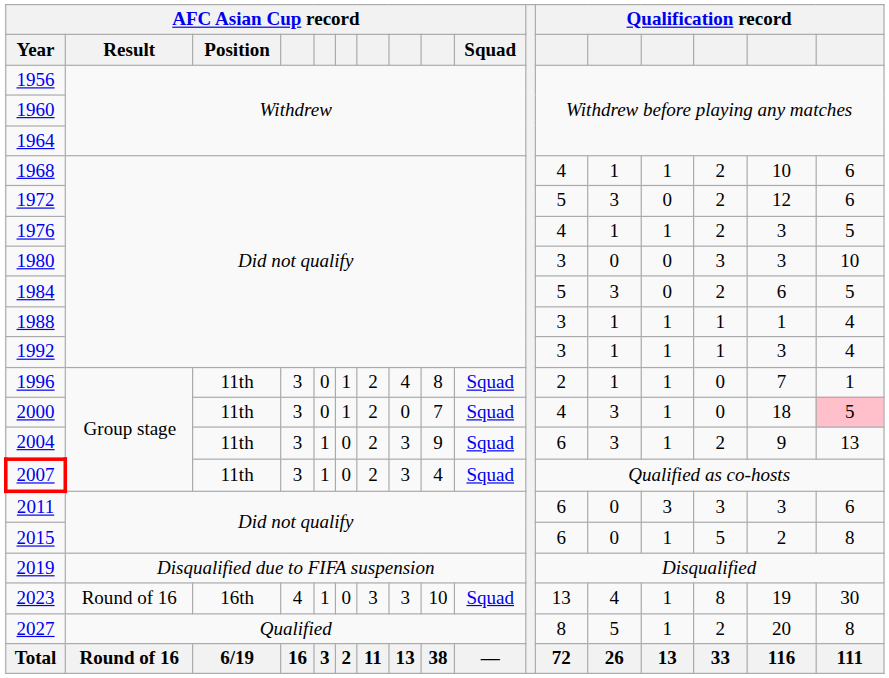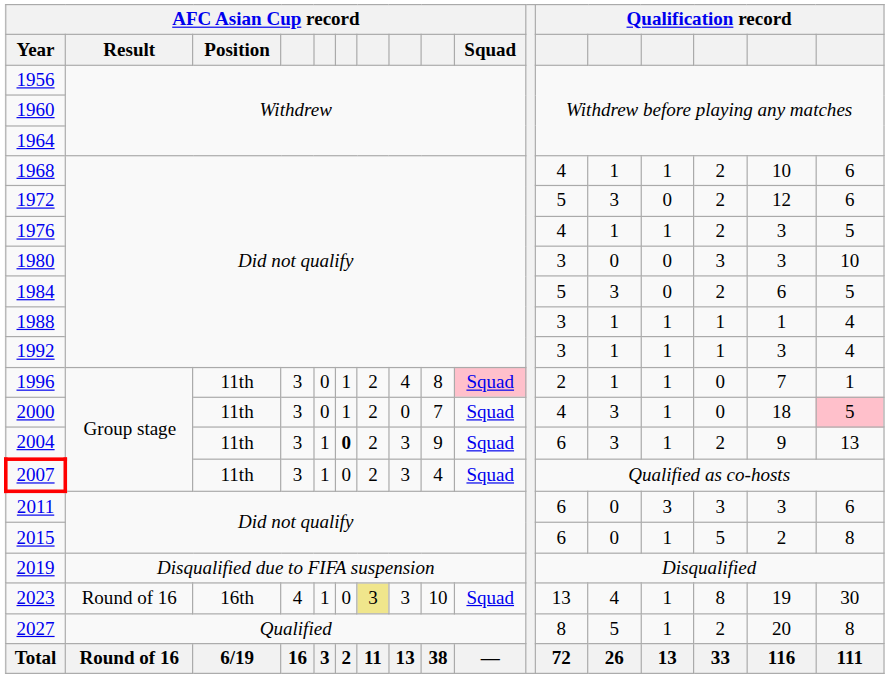 <table class="wikitable" style="text-align: center;">
 <tr>
 <th colspan=10><a href='#'>AFC Asian Cup</a> record</th>
 <th style="width:1%;" rowspan=22></th>
 <th colspan=7><a href='#'>Qualification</a> record</th>
 </tr>
 <tr>
 <th>Year</th>
 <th>Result</th>
 <th>Position</th>
 <th></th>
 <th></th>
 <th></th>
 <th></th>
 <th></th>
 <th></th>
 <th>Squad</th>
 <th></th>
 <th></th>
 <th></th>
 <th></th>
 <th></th>
 <th></th>
 </tr>
 <tr>
 <td> <a href='#'>1956</a></td>
 <td colspan=9 rowspan=3><em>Withdrew</em></td>
 <td colspan=7 rowspan=3><em>Withdrew before playing any matches</em></td>
 </tr>
 <tr>
 <td> <a href='#'>1960</a></td>
 </tr>
 <tr>
 <td> <a href='#'>1964</a></td>
 </tr>
 <tr>
 <td> <a href='#'>1968</a></td>
 <td colspan=9 rowspan=7><em>Did not qualify</em></td>
 <td>4</td>
 <td>1</td>
 <td>1</td>
 <td>2</td>
 <td>10</td>
 <td>6</td>
 </tr>
 <tr>
 <td> <a href='#'>1972</a></td>
 <td>5</td>
 <td>3</td>
 <td>0</td>
 <td>2</td>
 <td>12</td>
 <td>6</td>
 </tr>
 <tr>
 <td> <a href='#'>1976</a></td>
 <td>4</td>
 <td>1</td>
 <td>1</td>
 <td>2</td>
 <td>3</td>
 <td>5</td>
 </tr>
 <tr>
 <td> <a href='#'>1980</a></td>
 <td>3</td>
 <td>0</td>
 <td>0</td>
 <td>3</td>
 <td>3</td>
 <td>10</td>
 </tr>
 <tr>
 <td> <a href='#'>1984</a></td>
 <td>5</td>
 <td>3</td>
 <td>0</td>
 <td>2</td>
 <td>6</td>
 <td>5</td>
 </tr>
 <tr>
 <td> <a href='#'>1988</a></td>
 <td>3</td>
 <td>1</td>
 <td>1</td>
 <td>1</td>
 <td>1</td>
 <td>4</td>
 </tr>
 <tr>
 <td> <a href='#'>1992</a></td>
 <td>3</td>
 <td>1</td>
 <td>1</td>
 <td>1</td>
 <td>3</td>
 <td>4</td>
 </tr>
 <tr>
 <td> <a href='#'>1996</a></td>
 <td rowspan=4>Group stage</td>
 <td>11th</td>
 <td>3</td>
 <td>0</td>
 <td>1</td>
 <td>2</td>
 <td>4</td>
 <td>8</td>
-<td><a href='#'>Squad</a></td>
+<td style="background: pink;"><a href='#'>Squad</a></td>
 <td>2</td>
 <td>1</td>
 <td>1</td>
 <td>0</td>
 <td>7</td>
 <td>1</td>
 </tr>
 <tr>
 <td> <a href='#'>2000</a></td>
 <td>11th</td>
 <td>3</td>
 <td>0</td>
 <td>1</td>
 <td>2</td>
 <td>0</td>
 <td>7</td>
 <td><a href='#'>Squad</a></td>
 <td>4</td>
 <td>3</td>
 <td>1</td>
 <td>0</td>
 <td>18</td>
 <td style="background: pink;">5</td>
 </tr>
 <tr>
 <td> <a href='#'>2004</a></td>
 <td>11th</td>
 <td>3</td>
 <td>1</td>
-<td>0</td>
+<td><strong>0</strong></td>
 <td>2</td>
 <td>3</td>
 <td>9</td>
 <td><a href='#'>Squad</a></td>
 <td>6</td>
 <td>3</td>
 <td>1</td>
 <td>2</td>
 <td>9</td>
 <td>13</td>
 </tr>
 <tr>
 <td style="border: 3px solid red">    <a href='#'>2007</a></td>
 <td>11th</td>
 <td>3</td>
 <td>1</td>
 <td>0</td>
 <td>2</td>
 <td>3</td>
 <td>4</td>
 <td><a href='#'>Squad</a></td>
 <td colspan=7><em>Qualified as co-hosts</em></td>
 </tr>
 <tr>
 <td> <a href='#'>2011</a></td>
 <td colspan=9 rowspan=2><em>Did not qualify</em></td>
 <td>6</td>
 <td>0</td>
 <td>3</td>
 <td>3</td>
 <td>3</td>
 <td>6</td>
 </tr>
 <tr>
 <td> <a href='#'>2015</a></td>
 <td>6</td>
 <td>0</td>
 <td>1</td>
 <td>5</td>
 <td>2</td>
 <td>8</td>
 </tr>
 <tr>
 <td> <a href='#'>2019</a></td>
 <td colspan=9><em>Disqualified due to FIFA suspension</em></td>
 <td colspan=7><em>Disqualified</em></td>
 </tr>
 <tr>
 <td> <a href='#'>2023</a></td>
 <td>Round of 16</td>
 <td>16th</td>
 <td>4</td>
 <td>1</td>
 <td>0</td>
-<td>3</td>
+<td style="background: khaki;">3</td>
 <td>3</td>
 <td>10</td>
 <td><a href='#'>Squad</a></td>
 <td>13</td>
 <td>4</td>
 <td>1</td>
 <td>8</td>
 <td>19</td>
 <td>30</td>
 </tr>
 <tr>
 <td> <a href='#'>2027</a></td>
 <td colspan=9><em>Qualified</em></td>
 <td>8</td>
 <td>5</td>
 <td>1</td>
 <td>2</td>
 <td>20</td>
 <td>8</td>
 </tr>
 <tr>
 <th><strong>Total</strong></th>
 <th><strong>Round of 16</strong></th>
 <th><strong>6/19</strong></th>
 <th><strong>16</strong></th>
 <th><strong>3</strong></th>
 <th><strong>2</strong></th>
 <th><strong>11</strong></th>
 <th><strong>13</strong></th>
 <th><strong>38</strong></th>
 <th>—</th>
 <th><strong>72</strong></th>
 <th><strong>26</strong></th>
 <th><strong>13</strong></th>
 <th><strong>33</strong></th>
 <th><strong>116</strong></th>
 <th><strong>111</strong></th>
 </tr>
 </table>
